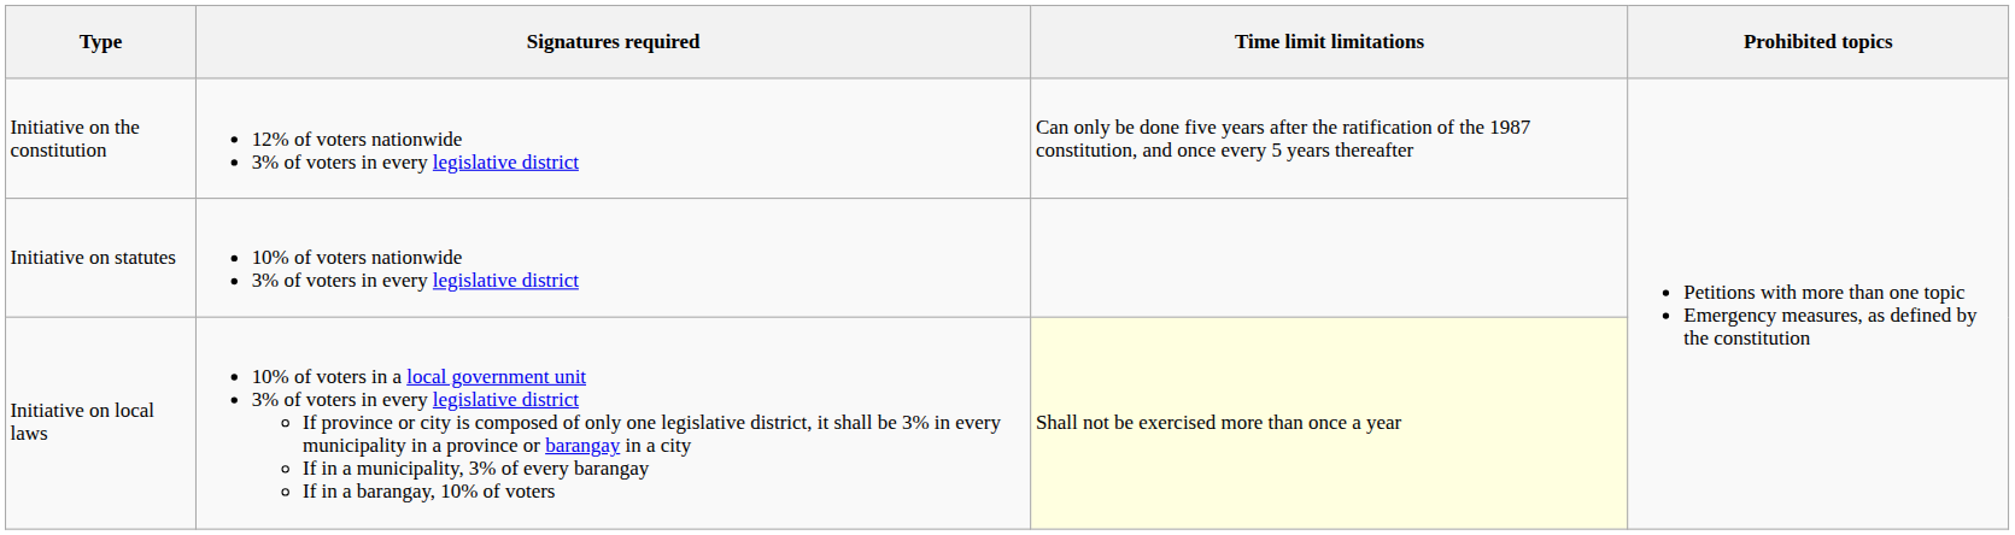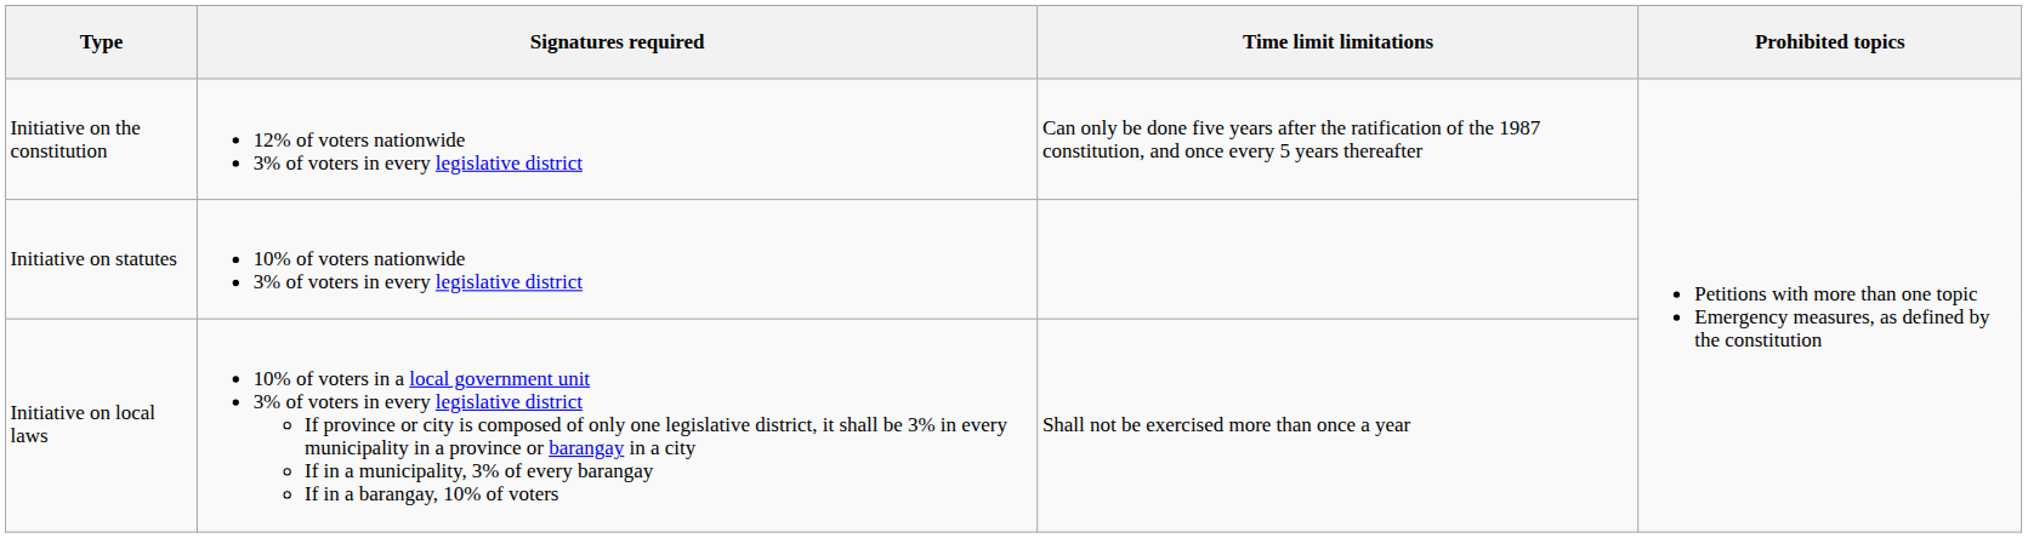 <table class="wikitable">
 <tr>
 <th>Type</th>
 <th>Signatures required</th>
 <th>Time limit limitations</th>
 <th><blockquote>Prohibited topics</blockquote></th>
 </tr>
 <tr>
 <td>Initiative on the constitution</td>
 <td><br><ul><li>12% of voters nationwide</li><li>3% of voters in every <a href='#'>legislative district</a></li></ul></td>
 <td>Can only be done five years after the ratification of the 1987 constitution, and once every 5 years thereafter</td>
 <td rowspan="3"><br><ul><li>Petitions with more than one topic</li><li>Emergency measures, as defined by the constitution</li></ul></td>
 </tr>
 <tr>
 <td>Initiative on statutes</td>
 <td><br><ul><li>10% of voters nationwide</li><li>3% of voters in every <a href='#'>legislative district</a></li></ul></td>
 <td></td>
 </tr>
 <tr>
 <td>Initiative on local laws</td>
 <td><br><ul><li>10% of voters in a <a href='#'>local government unit</a></li><li>3% of voters in every <a href='#'>legislative district</a><ul><li>If province or city is composed of only one legislative district, it shall be 3% in every municipality in a province or <a href='#'>barangay</a> in a city</li><li>If in a municipality, 3% of every barangay</li><li>If in a barangay, 10% of voters</li></ul></li></ul></td>
-<td style="background: lightyellow;">Shall not be exercised more than once a year</td>
+<td>Shall not be exercised more than once a year</td>
 </tr>
 </table>
